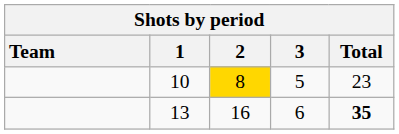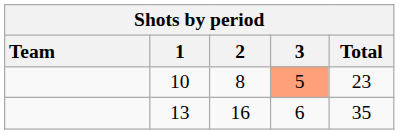 <table class="wikitable" style="width:20em;">
 <tr>
 <th colspan="6">Shots by period</th>
 </tr>
 <tr>
 <th style="width:8em; text-align:left;">Team</th>
 <th style="width:3em;">1</th>
 <th style="width:3em;">2</th>
 <th style="width:3em;">3</th>
 <th style="width:3em;">Total</th>
 </tr>
 <tr style="text-align:center;">
 <td style="text-align:left;"></td>
 <td>10</td>
-<td style="background: gold;">8</td>
-<td>5</td>
+<td>8</td>
+<td style="background: lightsalmon;">5</td>
 <td>23</td>
 </tr>
 <tr style="text-align:center;">
 <td style="text-align:left;"></td>
 <td>13</td>
 <td>16</td>
 <td>6</td>
-<td><strong>35</strong></td>
+<td>35</td>
 </tr>
 </table>
